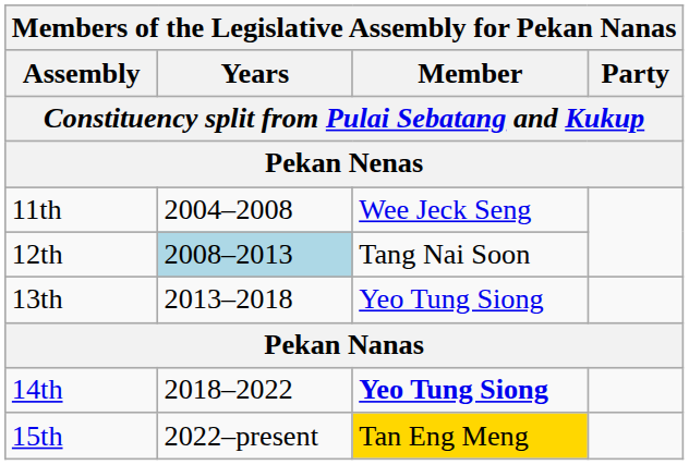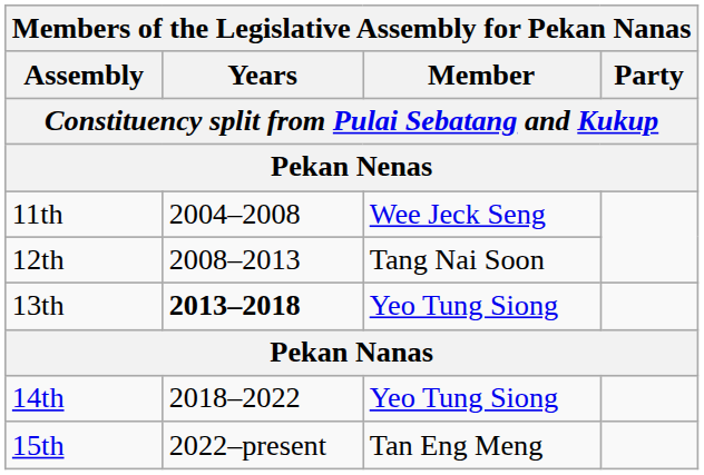 <table class="wikitable">
 <tr>
 <th colspan="4">Members of the Legislative Assembly for Pekan Nanas</th>
 </tr>
 <tr>
 <th>Assembly</th>
 <th>Years</th>
 <th>Member</th>
 <th>Party</th>
 </tr>
 <tr>
 <th colspan="4"><em>Constituency split from <a href='#'>Pulai Sebatang</a> and <a href='#'>Kukup</a></em></th>
 </tr>
 <tr>
 <th colspan=4 align=center>Pekan Nenas</th>
 </tr>
 <tr>
 <td>11th</td>
 <td>2004–2008</td>
 <td><a href='#'>Wee Jeck Seng</a></td>
 <td rowspan="2"></td>
 </tr>
 <tr>
 <td>12th</td>
-<td style="background: lightblue;">2008–2013</td>
+<td>2008–2013</td>
 <td>Tang Nai Soon</td>
 </tr>
 <tr>
 <td>13th</td>
-<td>2013–2018</td>
+<td><strong>2013–2018</strong></td>
 <td><a href='#'>Yeo Tung Siong</a></td>
 <td><em></td>
 </tr>
 <tr>
 <th colspan=4 align=center>Pekan Nanas</th>
 </tr>
 <tr>
 <td><a href='#'>14th</a></td>
 <td>2018–2022</td>
-<td><strong><a href='#'>Yeo Tung Siong</a></strong></td>
+<td><a href='#'>Yeo Tung Siong</a></td>
 <td></td>
 </tr>
 <tr>
 <td><a href='#'>15th</a></td>
 <td>2022–present</td>
-<td style="background: gold;">Tan Eng Meng</td>
+<td>Tan Eng Meng</td>
 <td></td>
 </tr>
 </table>
